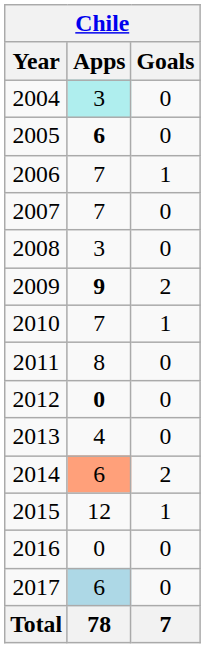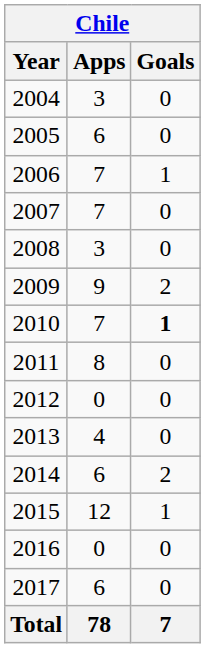 <table class="wikitable" style="text-align:center">
 <tr>
 <th colspan="3"><a href='#'>Chile</a></th>
 </tr>
 <tr>
 <th>Year</th>
 <th>Apps</th>
 <th>Goals</th>
 </tr>
 <tr>
 <td>2004</td>
-<td style="background: paleturquoise;">3</td>
+<td>3</td>
 <td>0</td>
 </tr>
 <tr>
 <td>2005</td>
-<td><strong>6</strong></td>
+<td>6</td>
 <td>0</td>
 </tr>
 <tr>
 <td>2006</td>
 <td>7</td>
 <td>1</td>
 </tr>
 <tr>
 <td>2007</td>
 <td>7</td>
 <td>0</td>
 </tr>
 <tr>
 <td>2008</td>
 <td>3</td>
 <td>0</td>
 </tr>
 <tr>
 <td>2009</td>
-<td><strong>9</strong></td>
+<td>9</td>
 <td>2</td>
 </tr>
 <tr>
 <td>2010</td>
 <td>7</td>
-<td>1</td>
+<td><strong>1</strong></td>
 </tr>
 <tr>
 <td>2011</td>
 <td>8</td>
 <td>0</td>
 </tr>
 <tr>
 <td>2012</td>
-<td><strong>0</strong></td>
+<td>0</td>
 <td>0</td>
 </tr>
 <tr>
 <td>2013</td>
 <td>4</td>
 <td>0</td>
 </tr>
 <tr>
 <td>2014</td>
-<td style="background: lightsalmon;">6</td>
+<td>6</td>
 <td>2</td>
 </tr>
 <tr>
 <td>2015</td>
 <td>12</td>
 <td>1</td>
 </tr>
 <tr>
 <td>2016</td>
 <td>0</td>
 <td>0</td>
 </tr>
 <tr>
 <td>2017</td>
-<td style="background: lightblue;">6</td>
+<td>6</td>
 <td>0</td>
 </tr>
 <tr>
 <th>Total</th>
 <th>78</th>
 <th>7</th>
 </tr>
 </table>
